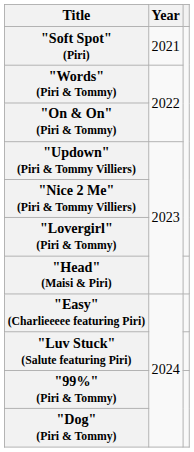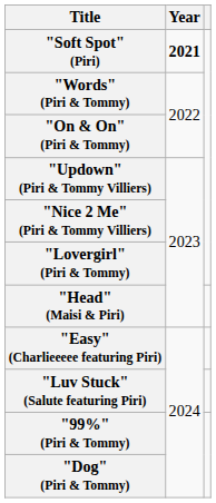 <table class="wikitable plainrowheaders" style="text-align:center;">
 <tr>
 <th scope="col">Title</th>
 <th scope="col">Year</th>
 <th scope="col"></th>
 </tr>
 <tr>
 <th scope="row">"Soft Spot"<br><small>(Piri)</small></th>
-<td>2021</td>
+<td><strong>2021</strong></td>
 <td rowspan="6"></td>
 </tr>
 <tr>
 <th scope="row">"Words"<br><small>(Piri & Tommy)</small></th>
 <td rowspan="2">2022</td>
 </tr>
 <tr>
 <th scope="row">"On & On"<br><small>(Piri & Tommy)</small></th>
 </tr>
 <tr>
 <th scope="row">"Updown"<br><small>(Piri & Tommy Villiers)</small></th>
 <td rowspan="4">2023</td>
 </tr>
 <tr>
 <th scope="row">"Nice 2 Me"<br><small>(Piri & Tommy Villiers)</small></th>
 </tr>
 <tr>
 <th scope="row">"Lovergirl"<br><small>(Piri & Tommy)</small></th>
 </tr>
 <tr>
 <th scope="row">"Head"<br><small>(Maisi & Piri)</small></th>
 <td></td>
 </tr>
 <tr>
 <th scope="row">"Easy"<br><small>(Charlieeeee featuring Piri)</small></th>
 <td rowspan="4">2024</td>
 <td></td>
 </tr>
 <tr>
 <th scope="row">"Luv Stuck"<br><small>(Salute featuring Piri)</small></th>
 <td></td>
 </tr>
 <tr>
 <th scope="row">"99%"<br><small>(Piri & Tommy)</small></th>
 <td rowspan="2"></td>
 </tr>
 <tr>
 <th scope="row">"Dog"<br><small>(Piri & Tommy)</small></th>
 </tr>
 </table>
